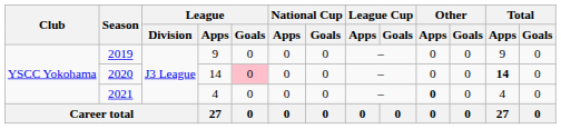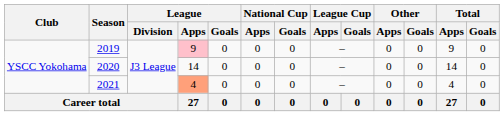 <table class="wikitable" style="text-align: center">
 <tr>
 <th rowspan="2">Club</th>
 <th rowspan="2">Season</th>
 <th colspan="3">League</th>
 <th colspan="2">National Cup</th>
 <th colspan="2">League Cup</th>
 <th colspan="2">Other</th>
 <th colspan="2">Total</th>
 </tr>
 <tr>
 <th>Division</th>
 <th>Apps</th>
 <th>Goals</th>
 <th>Apps</th>
 <th>Goals</th>
 <th>Apps</th>
 <th>Goals</th>
 <th>Apps</th>
 <th>Goals</th>
 <th>Apps</th>
 <th>Goals</th>
 </tr>
 <tr>
 <td rowspan="3"><a href='#'>YSCC Yokohama</a></td>
 <td><a href='#'>2019</a></td>
 <td rowspan="3"><a href='#'>J3 League</a></td>
-<td>9</td>
+<td style="background: pink;">9</td>
 <td>0</td>
 <td>0</td>
 <td>0</td>
 <td colspan="2">–</td>
 <td>0</td>
 <td>0</td>
 <td>9</td>
 <td>0</td>
 </tr>
 <tr>
 <td><a href='#'>2020</a></td>
 <td>14</td>
-<td style="background: pink;">0</td>
+<td>0</td>
 <td>0</td>
 <td>0</td>
 <td colspan="2">–</td>
 <td>0</td>
 <td>0</td>
-<td><strong>14</strong></td>
+<td>14</td>
 <td>0</td>
 </tr>
 <tr>
 <td><a href='#'>2021</a></td>
-<td>4</td>
+<td style="background: lightsalmon;">4</td>
 <td>0</td>
 <td>0</td>
 <td>0</td>
 <td colspan="2">–</td>
-<td><strong>0</strong></td>
+<td>0</td>
 <td>0</td>
 <td>4</td>
 <td>0</td>
 </tr>
 <tr>
 <th colspan=3>Career total</th>
 <th>27</th>
 <th>0</th>
 <th>0</th>
 <th>0</th>
 <th>0</th>
 <th>0</th>
 <th>0</th>
 <th>0</th>
 <th>27</th>
 <th>0</th>
 </tr>
 </table>
